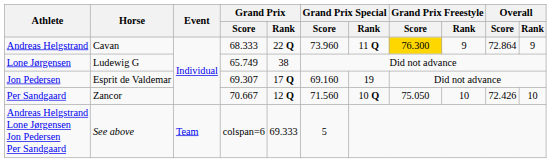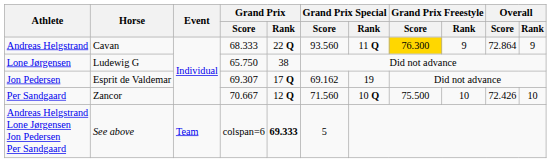 <table class=wikitable style="font-size:90%">
 <tr>
 <th rowspan="2">Athlete</th>
 <th rowspan="2">Horse</th>
 <th rowspan="2">Event</th>
 <th colspan="2">Grand Prix</th>
 <th colspan="2">Grand Prix Special</th>
 <th colspan="2">Grand Prix Freestyle</th>
 <th colspan="2">Overall</th>
 </tr>
 <tr style="font-size:95%">
 <th>Score</th>
 <th>Rank</th>
 <th>Score</th>
 <th>Rank</th>
 <th>Score</th>
 <th>Rank</th>
 <th>Score</th>
 <th>Rank</th>
 </tr>
 <tr align=center>
 <td align=left><a href='#'>Andreas Helgstrand</a></td>
 <td align=left>Cavan</td>
 <td align=left rowspan=4><a href='#'>Individual</a></td>
 <td>68.333</td>
 <td>22 <strong>Q</strong></td>
-<td>73.960</td>
+<td>93.560</td>
 <td>11 <strong>Q</strong></td>
 <td style="background: gold;">76.300</td>
 <td>9</td>
 <td>72.864</td>
 <td>9</td>
 </tr>
 <tr align=center>
 <td align=left><a href='#'>Lone Jørgensen</a></td>
 <td align=left>Ludewig G</td>
-<td>65.749</td>
+<td>65.750</td>
 <td>38</td>
 <td colspan=6>Did not advance</td>
 </tr>
 <tr align=center>
 <td align=left><a href='#'>Jon Pedersen</a></td>
 <td align=left>Esprit de Valdemar</td>
 <td>69.307</td>
 <td>17 <strong>Q</strong></td>
-<td>69.160</td>
+<td>69.162</td>
 <td>19</td>
 <td colspan=4>Did not advance</td>
 </tr>
 <tr align=center>
 <td align=left><a href='#'>Per Sandgaard</a></td>
 <td align=left>Zancor</td>
 <td>70.667</td>
 <td>12 <strong>Q</strong></td>
 <td>71.560</td>
 <td>10 <strong>Q</strong></td>
-<td>75.050</td>
+<td>75.500</td>
 <td>10</td>
 <td>72.426</td>
 <td>10</td>
 </tr>
 <tr align=center>
 <td align=left><a href='#'>Andreas Helgstrand</a><br><a href='#'>Lone Jørgensen</a><br><a href='#'>Jon Pedersen</a><br><a href='#'>Per Sandgaard</a></td>
 <td align=left><em>See above</em></td>
 <td align=left><a href='#'>Team</a></td>
 <td>colspan=6 </td>
-<td>69.333</td>
+<td><strong>69.333</strong></td>
 <td>5</td>
 </tr>
 </table>
